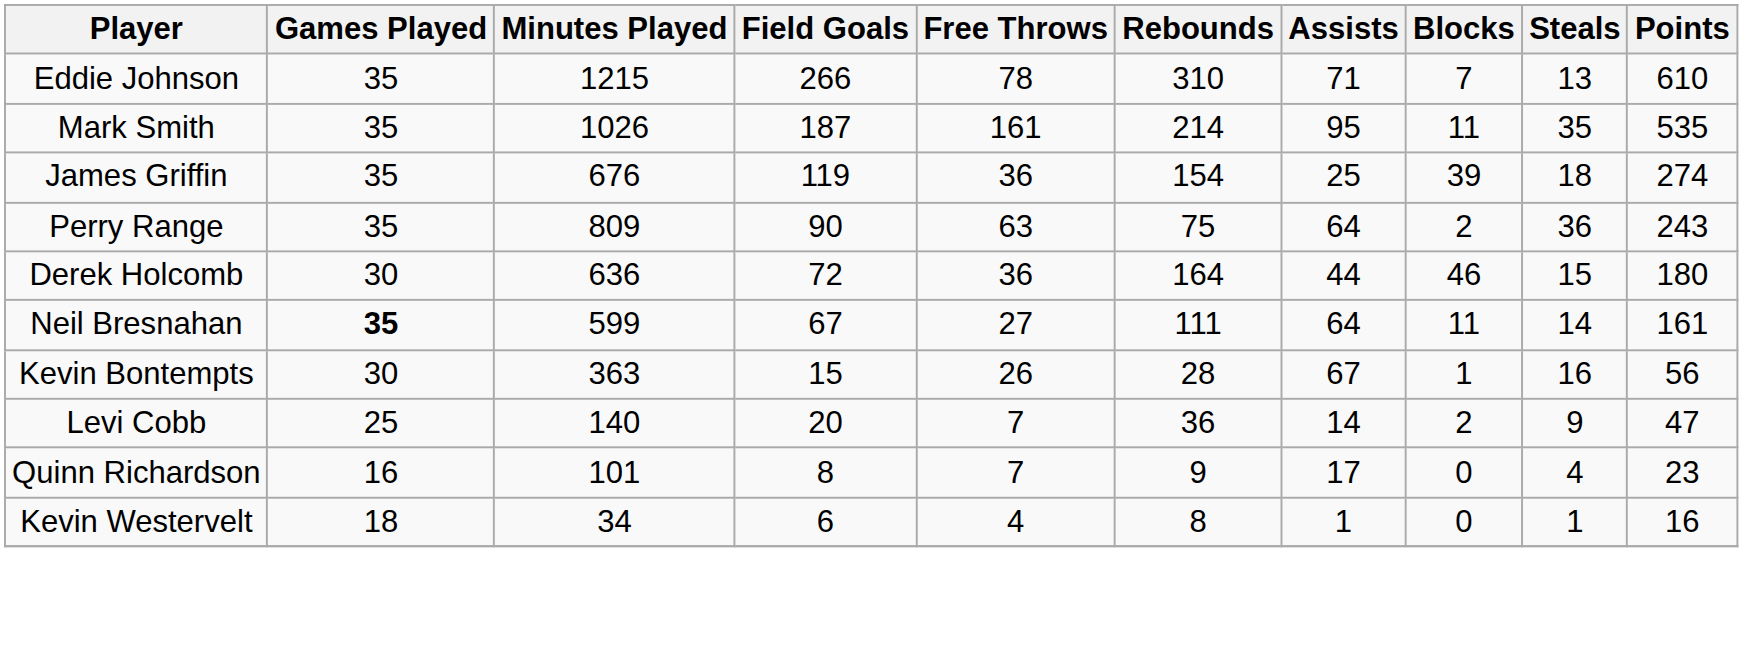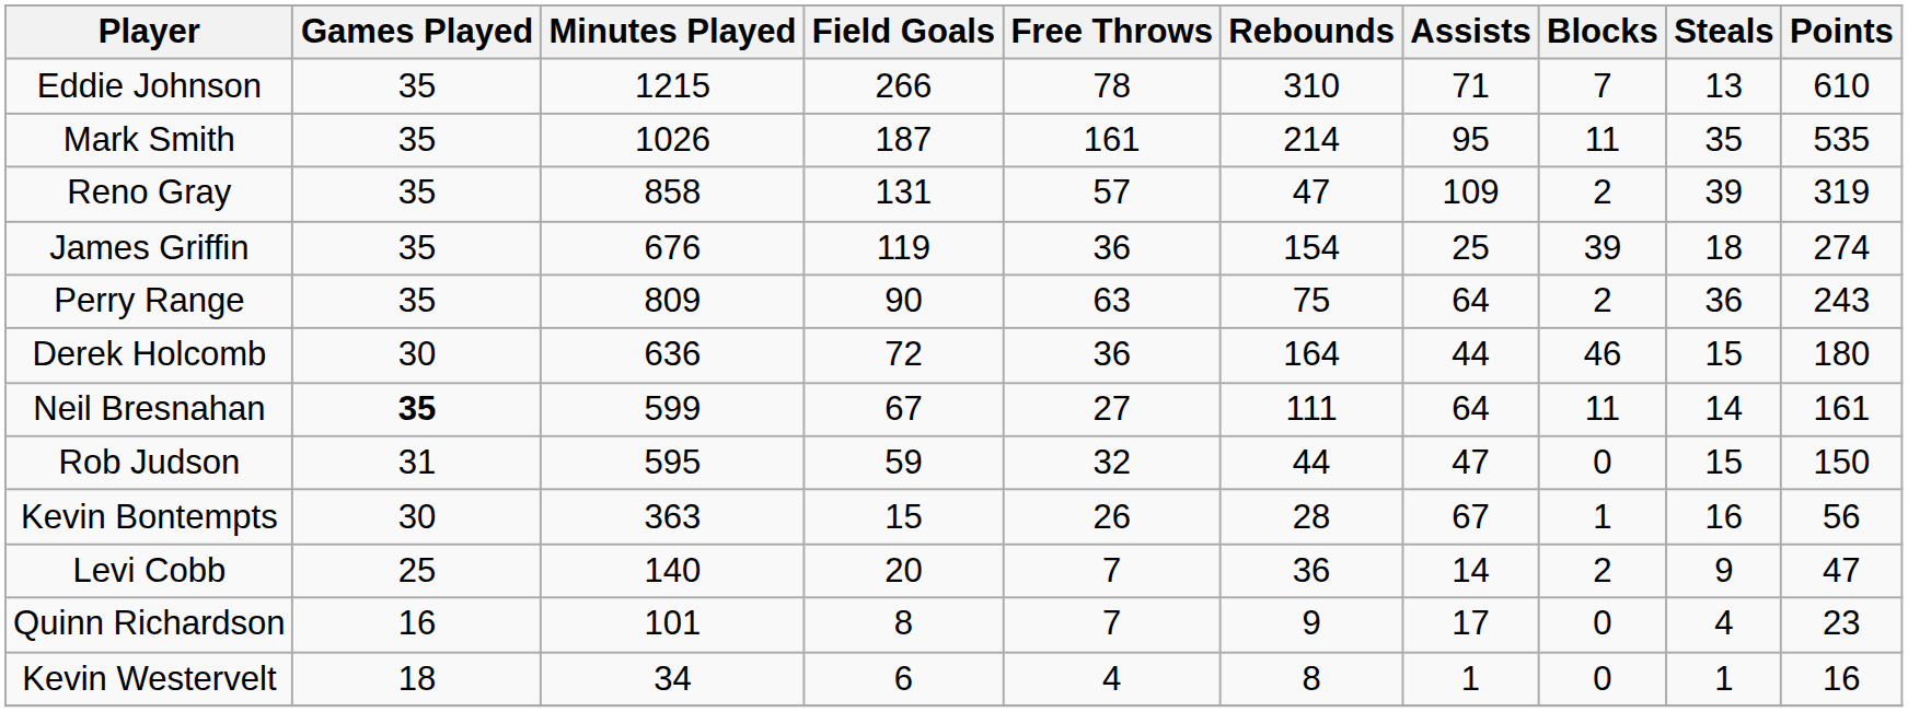 <table class="wikitable sortable">
 <tr>
 <th>Player</th>
 <th>Games Played</th>
 <th>Minutes Played</th>
 <th>Field Goals</th>
 <th>Free Throws</th>
 <th>Rebounds</th>
 <th>Assists</th>
 <th>Blocks</th>
 <th>Steals</th>
 <th>Points</th>
 </tr>
 <tr align="center" bgcolor="">
 <td>Eddie Johnson</td>
 <td>35</td>
 <td>1215</td>
 <td>266</td>
 <td>78</td>
 <td>310</td>
 <td>71</td>
 <td>7</td>
 <td>13</td>
 <td>610</td>
 </tr>
 <tr align="center" bgcolor="">
 <td>Mark Smith</td>
 <td>35</td>
 <td>1026</td>
 <td>187</td>
 <td>161</td>
 <td>214</td>
 <td>95</td>
 <td>11</td>
 <td>35</td>
 <td>535</td>
+</tr>
+<tr align="center" bgcolor="">
+<td>Reno Gray</td>
+<td>35</td>
+<td>858</td>
+<td>131</td>
+<td>57</td>
+<td>47</td>
+<td>109</td>
+<td>2</td>
+<td>39</td>
+<td>319</td>
 </tr>
 <tr align="center" bgcolor="">
 <td>James Griffin</td>
 <td>35</td>
 <td>676</td>
 <td>119</td>
 <td>36</td>
 <td>154</td>
 <td>25</td>
 <td>39</td>
 <td>18</td>
 <td>274</td>
 </tr>
 <tr align="center" bgcolor="">
 <td>Perry Range</td>
 <td>35</td>
 <td>809</td>
 <td>90</td>
 <td>63</td>
 <td>75</td>
 <td>64</td>
 <td>2</td>
 <td>36</td>
 <td>243</td>
 </tr>
 <tr align="center" bgcolor="">
 <td>Derek Holcomb</td>
 <td>30</td>
 <td>636</td>
 <td>72</td>
 <td>36</td>
 <td>164</td>
 <td>44</td>
 <td>46</td>
 <td>15</td>
 <td>180</td>
 </tr>
 <tr align="center" bgcolor="">
 <td>Neil Bresnahan</td>
 <td><strong>35</strong></td>
 <td>599</td>
 <td>67</td>
 <td>27</td>
 <td>111</td>
 <td>64</td>
 <td>11</td>
 <td>14</td>
 <td>161</td>
+</tr>
+<tr align="center" bgcolor="">
+<td>Rob Judson</td>
+<td>31</td>
+<td>595</td>
+<td>59</td>
+<td>32</td>
+<td>44</td>
+<td>47</td>
+<td>0</td>
+<td>15</td>
+<td>150</td>
 </tr>
 <tr align="center" bgcolor="">
 <td>Kevin Bontempts</td>
 <td>30</td>
 <td>363</td>
 <td>15</td>
 <td>26</td>
 <td>28</td>
 <td>67</td>
 <td>1</td>
 <td>16</td>
 <td>56</td>
 </tr>
 <tr align="center" bgcolor="">
 <td>Levi Cobb</td>
 <td>25</td>
 <td>140</td>
 <td>20</td>
 <td>7</td>
 <td>36</td>
 <td>14</td>
 <td>2</td>
 <td>9</td>
 <td>47</td>
 </tr>
 <tr align="center" bgcolor="">
 <td>Quinn Richardson</td>
 <td>16</td>
 <td>101</td>
 <td>8</td>
 <td>7</td>
 <td>9</td>
 <td>17</td>
 <td>0</td>
 <td>4</td>
 <td>23</td>
 </tr>
 <tr align="center" bgcolor="">
 <td>Kevin Westervelt</td>
 <td>18</td>
 <td>34</td>
 <td>6</td>
 <td>4</td>
 <td>8</td>
 <td>1</td>
 <td>0</td>
 <td>1</td>
 <td>16</td>
 </tr>
 <tr align="center" bgcolor="">
 </tr>
 </table>
